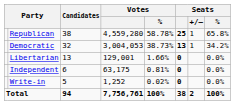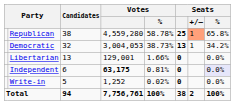 <table class="wikitable" style="font-size: 95%;">
 <tr>
 <th colspan="2" rowspan="2">Party</th>
 <th rowspan="2"><small>Candi</small><small>dates</small></th>
 <th colspan="2">Votes</th>
 <th colspan="3">Seats</th>
 </tr>
 <tr>
 <th></th>
 <th>%</th>
 <th></th>
 <th>+/–</th>
 <th>%</th>
 </tr>
 <tr>
 <td style="background:"></td>
 <td align="left"><a href='#'>Republican</a></td>
 <td>38</td>
 <td>4,559,280</td>
 <td>58.78%</td>
 <td><strong>25</strong></td>
-<td>1</td>
+<td style="background: lightsalmon;">1</td>
 <td>65.8%</td>
 </tr>
 <tr>
 <td style="background:"></td>
 <td align="left"><a href='#'>Democratic</a></td>
 <td>32</td>
 <td>3,004,053</td>
 <td>38.73%</td>
 <td><strong>13</strong></td>
 <td>1</td>
 <td>34.2%</td>
 </tr>
 <tr>
 <td style="background:"></td>
 <td align="left"><a href='#'>Libertarian</a></td>
 <td>13</td>
 <td>129,001</td>
 <td>1.66%</td>
 <td><strong>0</strong></td>
 <td></td>
 <td>0.0%</td>
 </tr>
 <tr>
 <td style="background:"></td>
 <td align="left"><a href='#'>Independent</a></td>
 <td>6</td>
-<td>63,175</td>
+<td><strong>63,175</strong></td>
 <td>0.81%</td>
 <td><strong>0</strong></td>
 <td></td>
-<td>0.0%</td>
+<td style="background: lavender;">0.0%</td>
 </tr>
 <tr>
 <td style="background:"></td>
 <td align="left"><a href='#'>Write-in</a></td>
 <td>5</td>
 <td>1,252</td>
 <td>0.02%</td>
 <td><strong>0</strong></td>
 <td></td>
 <td>0.0%</td>
 </tr>
 <tr style="font-weight:bold">
 <td colspan="2" align="left">Total</td>
 <td>94</td>
 <td>7,756,761</td>
 <td>100%</td>
 <td>38</td>
 <td>2</td>
 <td>100%</td>
 </tr>
 </table>
